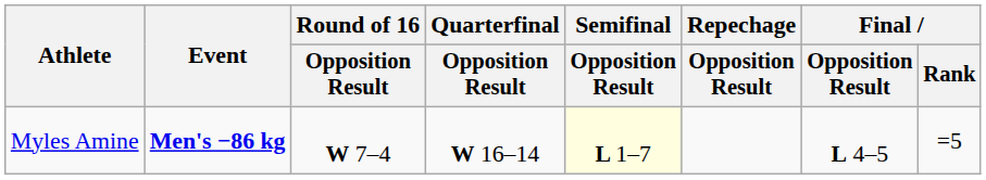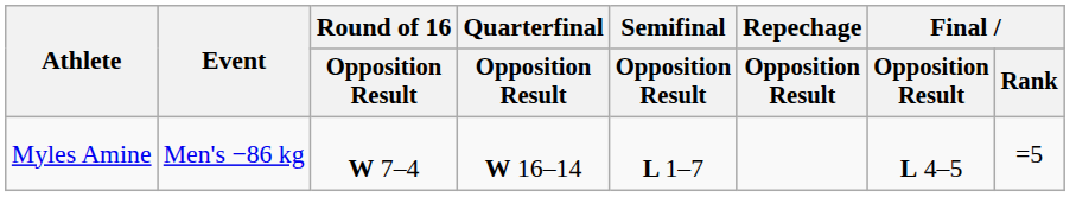 <table class="wikitable" style="font-size:90%">
 <tr>
 <th rowspan=2>Athlete</th>
 <th rowspan=2>Event</th>
 <th>Round of 16</th>
 <th>Quarterfinal</th>
 <th>Semifinal</th>
 <th>Repechage</th>
 <th colspan=2>Final / </th>
 </tr>
 <tr style="font-size: 95%">
 <th>Opposition<br>Result</th>
 <th>Opposition<br>Result</th>
 <th>Opposition<br>Result</th>
 <th>Opposition<br>Result</th>
 <th>Opposition<br>Result</th>
 <th>Rank</th>
 </tr>
 <tr align=center>
 <td align=left><a href='#'>Myles Amine</a></td>
-<td align=left><strong><a href='#'>Men's −86 kg</a></strong></td>
+<td align=left><a href='#'>Men's −86 kg</a></td>
 <td><br> <strong>W</strong> 7–4</td>
 <td><br> <strong>W</strong> 16–14</td>
-<td style="background: lightyellow;"><br> <strong>L </strong> 1–7</td>
+<td><br> <strong>L </strong> 1–7</td>
 <td></td>
 <td><br> <strong>L</strong> 4–5</td>
 <td>=5</td>
 </tr>
 </table>
